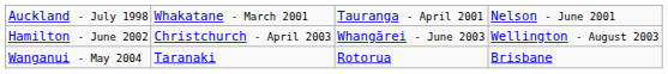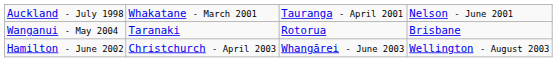 <table class="wikitable" border="1">
 <tr>
 <td><a href='#'>Auckland</a> <small>- July 1998</small></td>
 <td><a href='#'>Whakatane</a> <small>- March 2001</small></td>
 <td><a href='#'>Tauranga</a> <small>- April 2001</small></td>
 <td><a href='#'>Nelson</a> <small>- June 2001</small></td>
 </tr>
 <tr>
+<td><a href='#'>Wanganui</a> <small>- May 2004</small></td>
+<td><a href='#'>Taranaki</a></td>
+<td><a href='#'>Rotorua</a></td>
+<td><a href='#'>Brisbane</a></td>
+</tr>
+<tr>
 <td><a href='#'>Hamilton</a> <small>- June 2002</small></td>
 <td><a href='#'>Christchurch</a> <small>- April 2003</small></td>
 <td><a href='#'>Whangārei</a> <small>- June 2003</small></td>
 <td><a href='#'>Wellington</a> <small>- August 2003</small></td>
 </tr>
-<tr>
-<td><a href='#'>Wanganui</a> <small>- May 2004</small></td>
-<td><a href='#'>Taranaki</a></td>
-<td><a href='#'>Rotorua</a></td>
-<td><a href='#'>Brisbane</a></td>
-</tr>
 </table>
